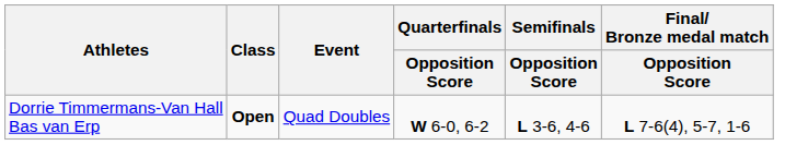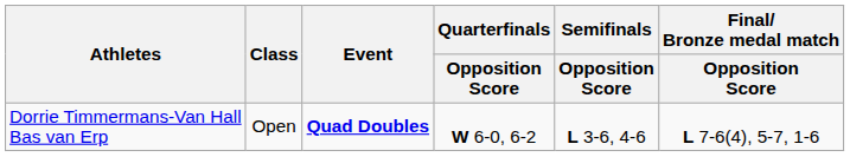 <table class=wikitable style="font-size:90%">
 <tr>
 <th rowspan="2">Athletes</th>
 <th rowspan="2">Class</th>
 <th rowspan="2">Event</th>
 <th>Quarterfinals</th>
 <th>Semifinals</th>
 <th>Final/<br>Bronze medal match</th>
 </tr>
 <tr>
 <th>Opposition<br>Score</th>
 <th>Opposition<br>Score</th>
 <th>Opposition<br>Score</th>
 </tr>
 <tr>
 <td><a href='#'>Dorrie Timmermans-Van Hall</a><br><a href='#'>Bas van Erp</a></td>
-<td align="center"><strong>Open</strong></td>
-<td><a href='#'>Quad Doubles</a></td>
+<td align="center">Open</td>
+<td><strong><a href='#'>Quad Doubles</a></strong></td>
 <td align="center"><br><strong>W</strong> 6-0, 6-2</td>
 <td align="center"><br><strong>L</strong> 3-6, 4-6</td>
 <td align="center"><br><strong>L</strong> 7-6(4), 5-7, 1-6</td>
 </tr>
 </table>
